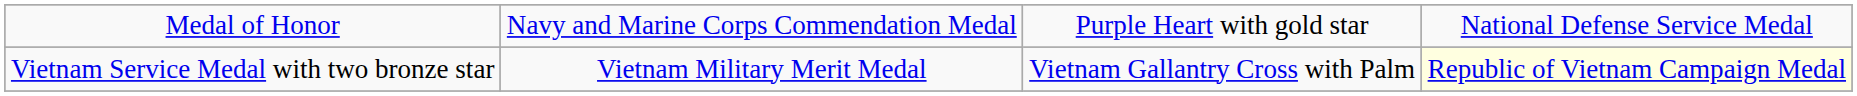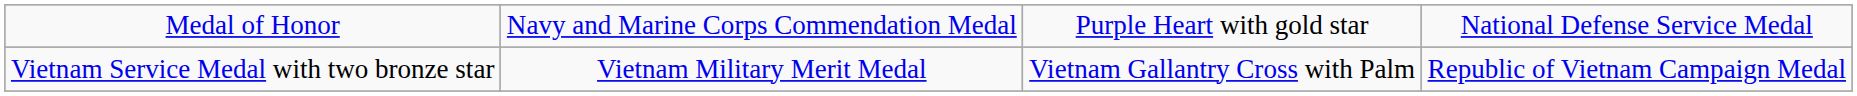 <table class="wikitable" style="margin:1em auto; text-align:center;">
 <tr>
 <td><a href='#'>Medal of Honor</a></td>
 <td><a href='#'>Navy and Marine Corps Commendation Medal</a></td>
 <td><a href='#'>Purple Heart</a> with gold star</td>
 <td><a href='#'>National Defense Service Medal</a></td>
 </tr>
 <tr>
 <td><a href='#'>Vietnam Service Medal</a> with two bronze star</td>
 <td><a href='#'>Vietnam Military Merit Medal</a></td>
 <td><a href='#'>Vietnam Gallantry Cross</a> with Palm</td>
-<td style="background: lightyellow;"><a href='#'>Republic of Vietnam Campaign Medal</a></td>
+<td><a href='#'>Republic of Vietnam Campaign Medal</a></td>
 </tr>
 </table>
